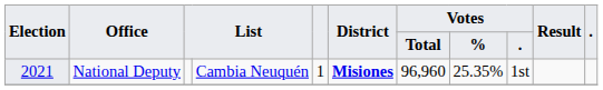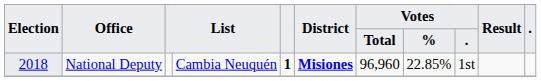 <table class="wikitable" style="font-size:90%; text-align:center;">
 <tr>
 <th style="background-color:#EAECF0;" rowspan=2>Election</th>
 <th style="background-color:#EAECF0;" rowspan=2>Office</th>
 <th style="background-color:#EAECF0;" colspan=2 rowspan=2>List</th>
 <th style="background-color:#EAECF0;" rowspan=2></th>
 <th style="background-color:#EAECF0;" rowspan=2>District</th>
 <th style="background-color:#EAECF0;" colspan=3>Votes</th>
 <th style="background-color:#EAECF0;" rowspan=2>Result</th>
 <th style="background-color:#EAECF0;" rowspan=2>.</th>
 </tr>
 <tr>
 <th style="background-color:#EAECF0;">Total</th>
 <th style="background-color:#EAECF0;">%</th>
 <th style="background-color:#EAECF0;">.</th>
 </tr>
 <tr>
-<td style="background-color:#EAECF0;"><a href='#'>2021</a></td>
+<td style="background-color:#EAECF0;"><a href='#'>2018</a></td>
 <td><a href='#'>National Deputy</a></td>
 <td style="background-color:"></td>
 <td><a href='#'>Cambia Neuquén</a></td>
-<td>1</td>
+<td><strong>1</strong></td>
 <td><strong><a href='#'>Misiones</a></strong></td>
 <td>96,960</td>
-<td>25.35%</td>
+<td>22.85%</td>
 <td>1st</td>
 <td></td>
 <td></td>
 </tr>
 <tr>
 </tr>
 </table>
